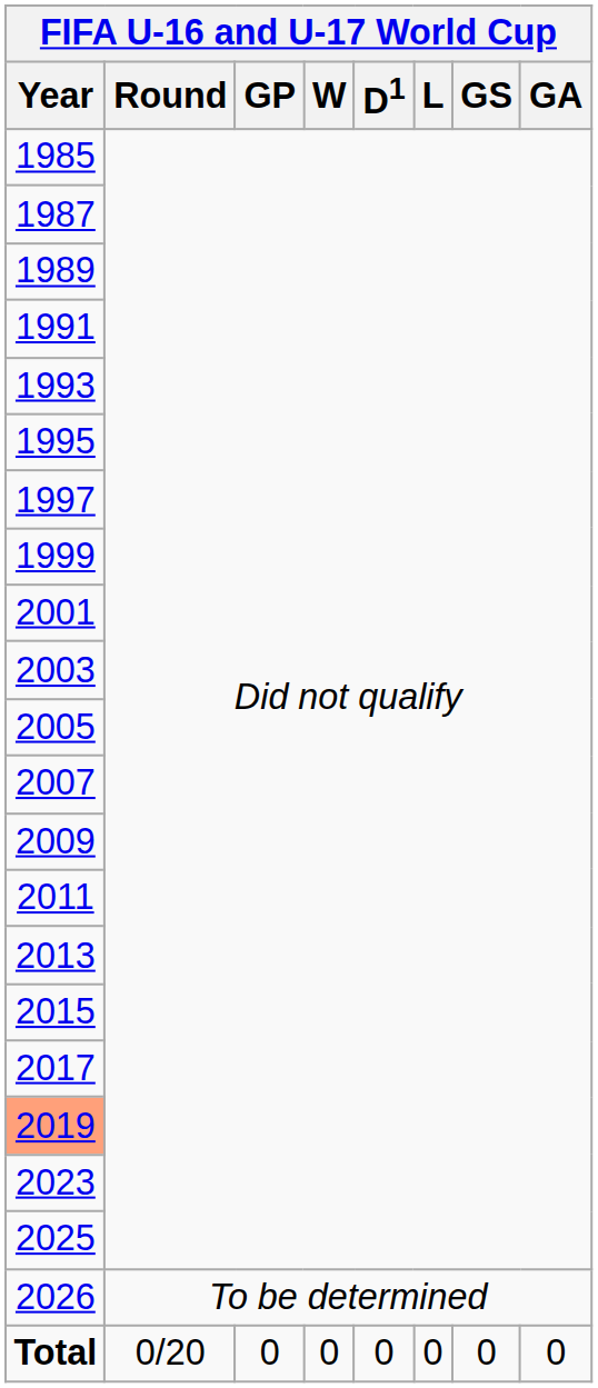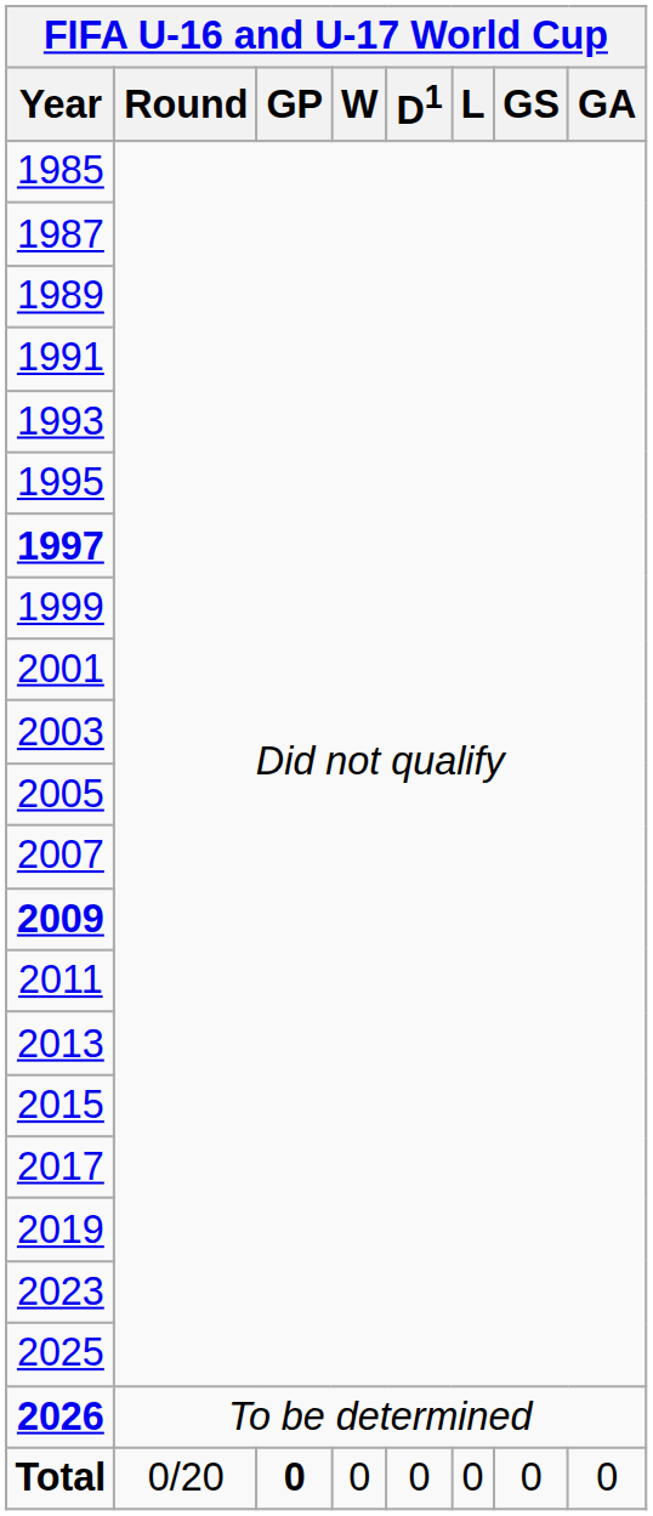 <table class="wikitable" style="text-align: center;">
 <tr>
 <th colspan=8><a href='#'>FIFA U-16 and U-17 World Cup</a></th>
 </tr>
 <tr>
 <th>Year</th>
 <th>Round</th>
 <th>GP</th>
 <th>W</th>
 <th>D<sup>1</sup></th>
 <th>L</th>
 <th>GS</th>
 <th>GA</th>
 </tr>
 <tr>
 <td> <a href='#'>1985</a></td>
 <td colspan=7 rowspan=20><em>Did not qualify</em></td>
 </tr>
 <tr>
 <td> <a href='#'>1987</a></td>
 </tr>
 <tr>
 <td> <a href='#'>1989</a></td>
 </tr>
 <tr>
 <td> <a href='#'>1991</a></td>
 </tr>
 <tr>
 <td> <a href='#'>1993</a></td>
 </tr>
 <tr>
 <td> <a href='#'>1995</a></td>
 </tr>
 <tr>
-<td> <a href='#'>1997</a></td>
+<td><strong> <a href='#'>1997</a></strong></td>
 </tr>
 <tr>
 <td> <a href='#'>1999</a></td>
 </tr>
 <tr>
 <td> <a href='#'>2001</a></td>
 </tr>
 <tr>
 <td> <a href='#'>2003</a></td>
 </tr>
 <tr>
 <td> <a href='#'>2005</a></td>
 </tr>
 <tr>
 <td> <a href='#'>2007</a></td>
 </tr>
 <tr>
-<td> <a href='#'>2009</a></td>
+<td><strong> <a href='#'>2009</a></strong></td>
 </tr>
 <tr>
 <td> <a href='#'>2011</a></td>
 </tr>
 <tr>
 <td> <a href='#'>2013</a></td>
 </tr>
 <tr>
 <td> <a href='#'>2015</a></td>
 </tr>
 <tr>
 <td> <a href='#'>2017</a></td>
 </tr>
 <tr>
-<td style="background: lightsalmon;"> <a href='#'>2019</a></td>
+<td> <a href='#'>2019</a></td>
 </tr>
 <tr>
 <td> <a href='#'>2023</a></td>
 </tr>
 <tr>
 <td> <a href='#'>2025</a></td>
 </tr>
 <tr>
-<td> <a href='#'>2026</a></td>
+<td><strong> <a href='#'>2026</a></strong></td>
 <td colspan=7><em>To be determined</em></td>
 </tr>
 <tr>
 <td><strong>Total</strong></td>
 <td>0/20</td>
-<td>0</td>
+<td><strong>0</strong></td>
 <td>0</td>
 <td>0</td>
 <td>0</td>
 <td>0</td>
 <td>0</td>
 </tr>
 </table>
